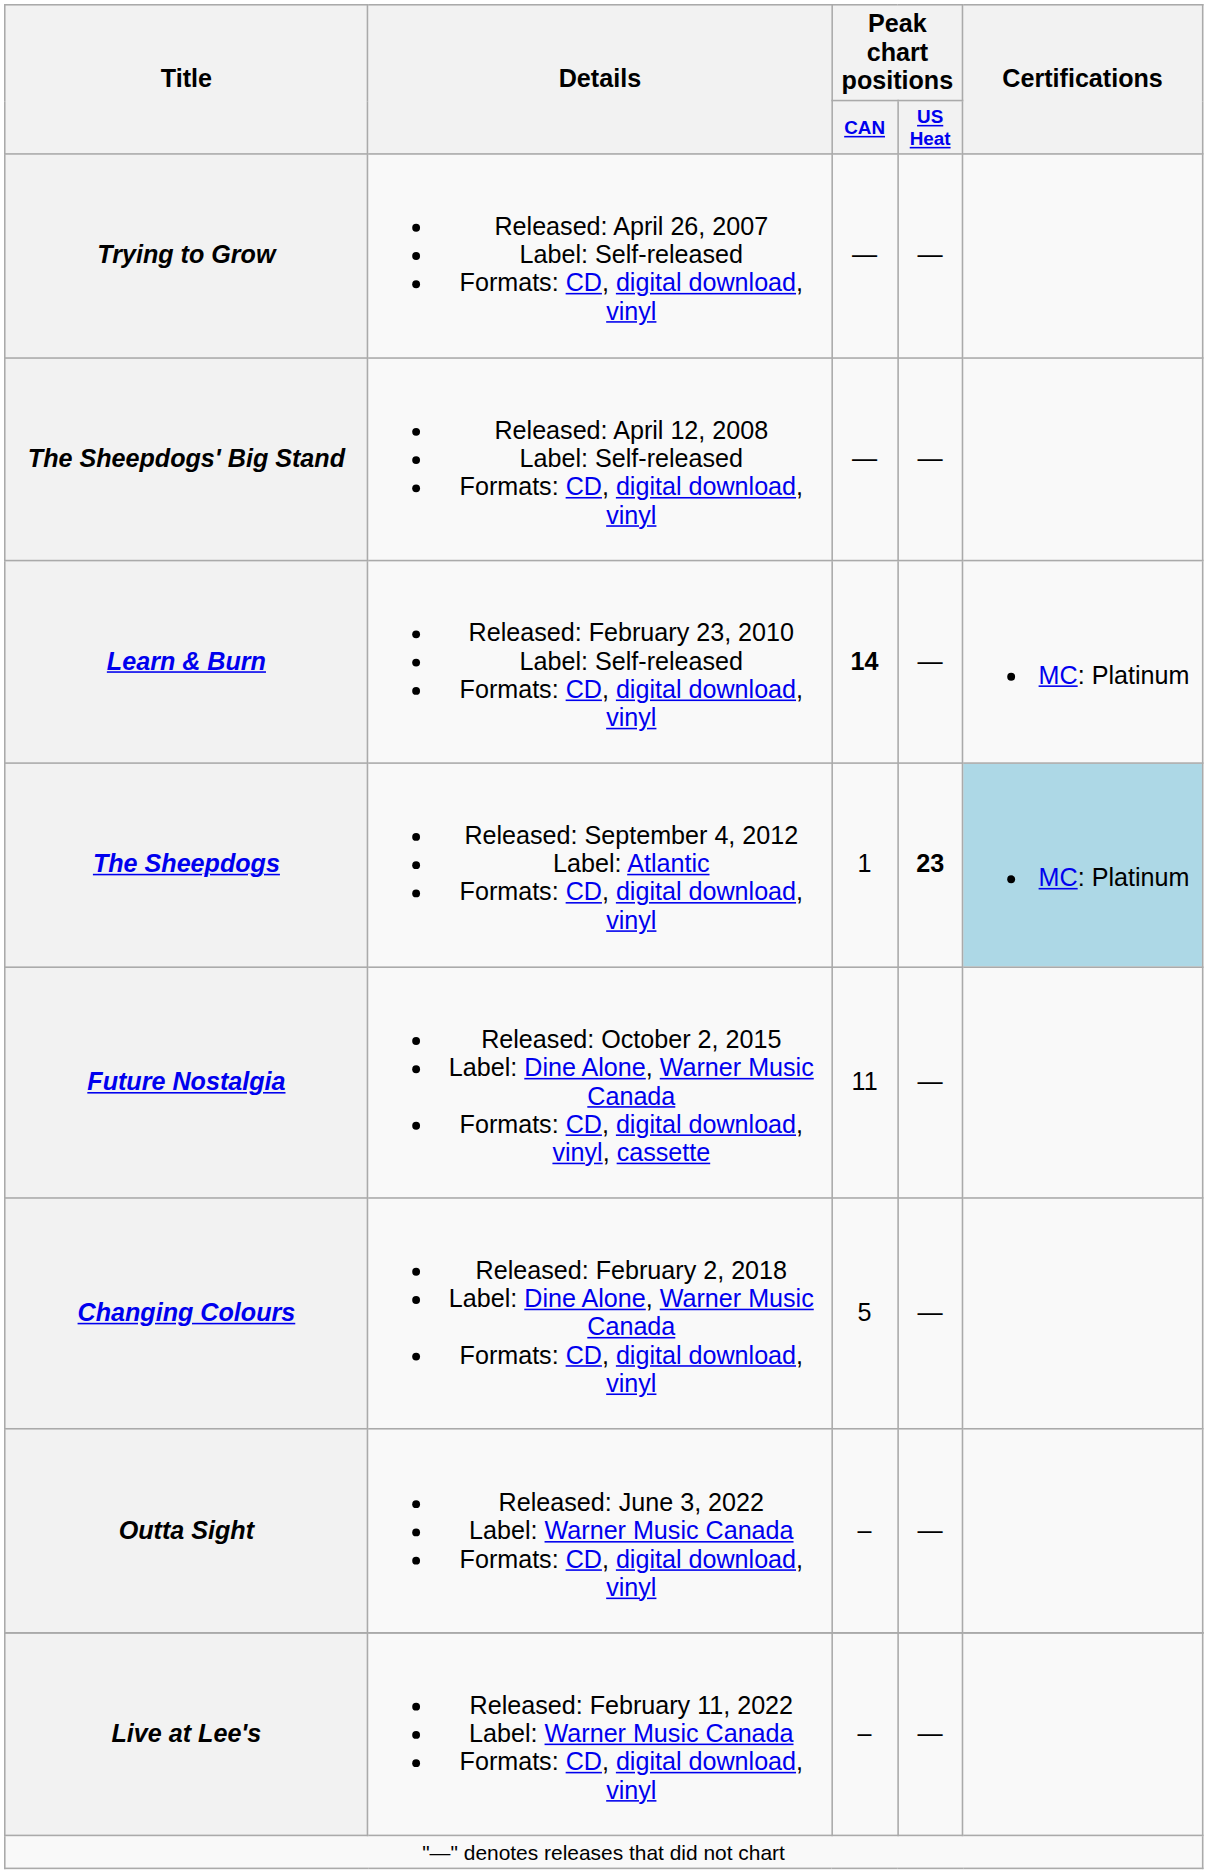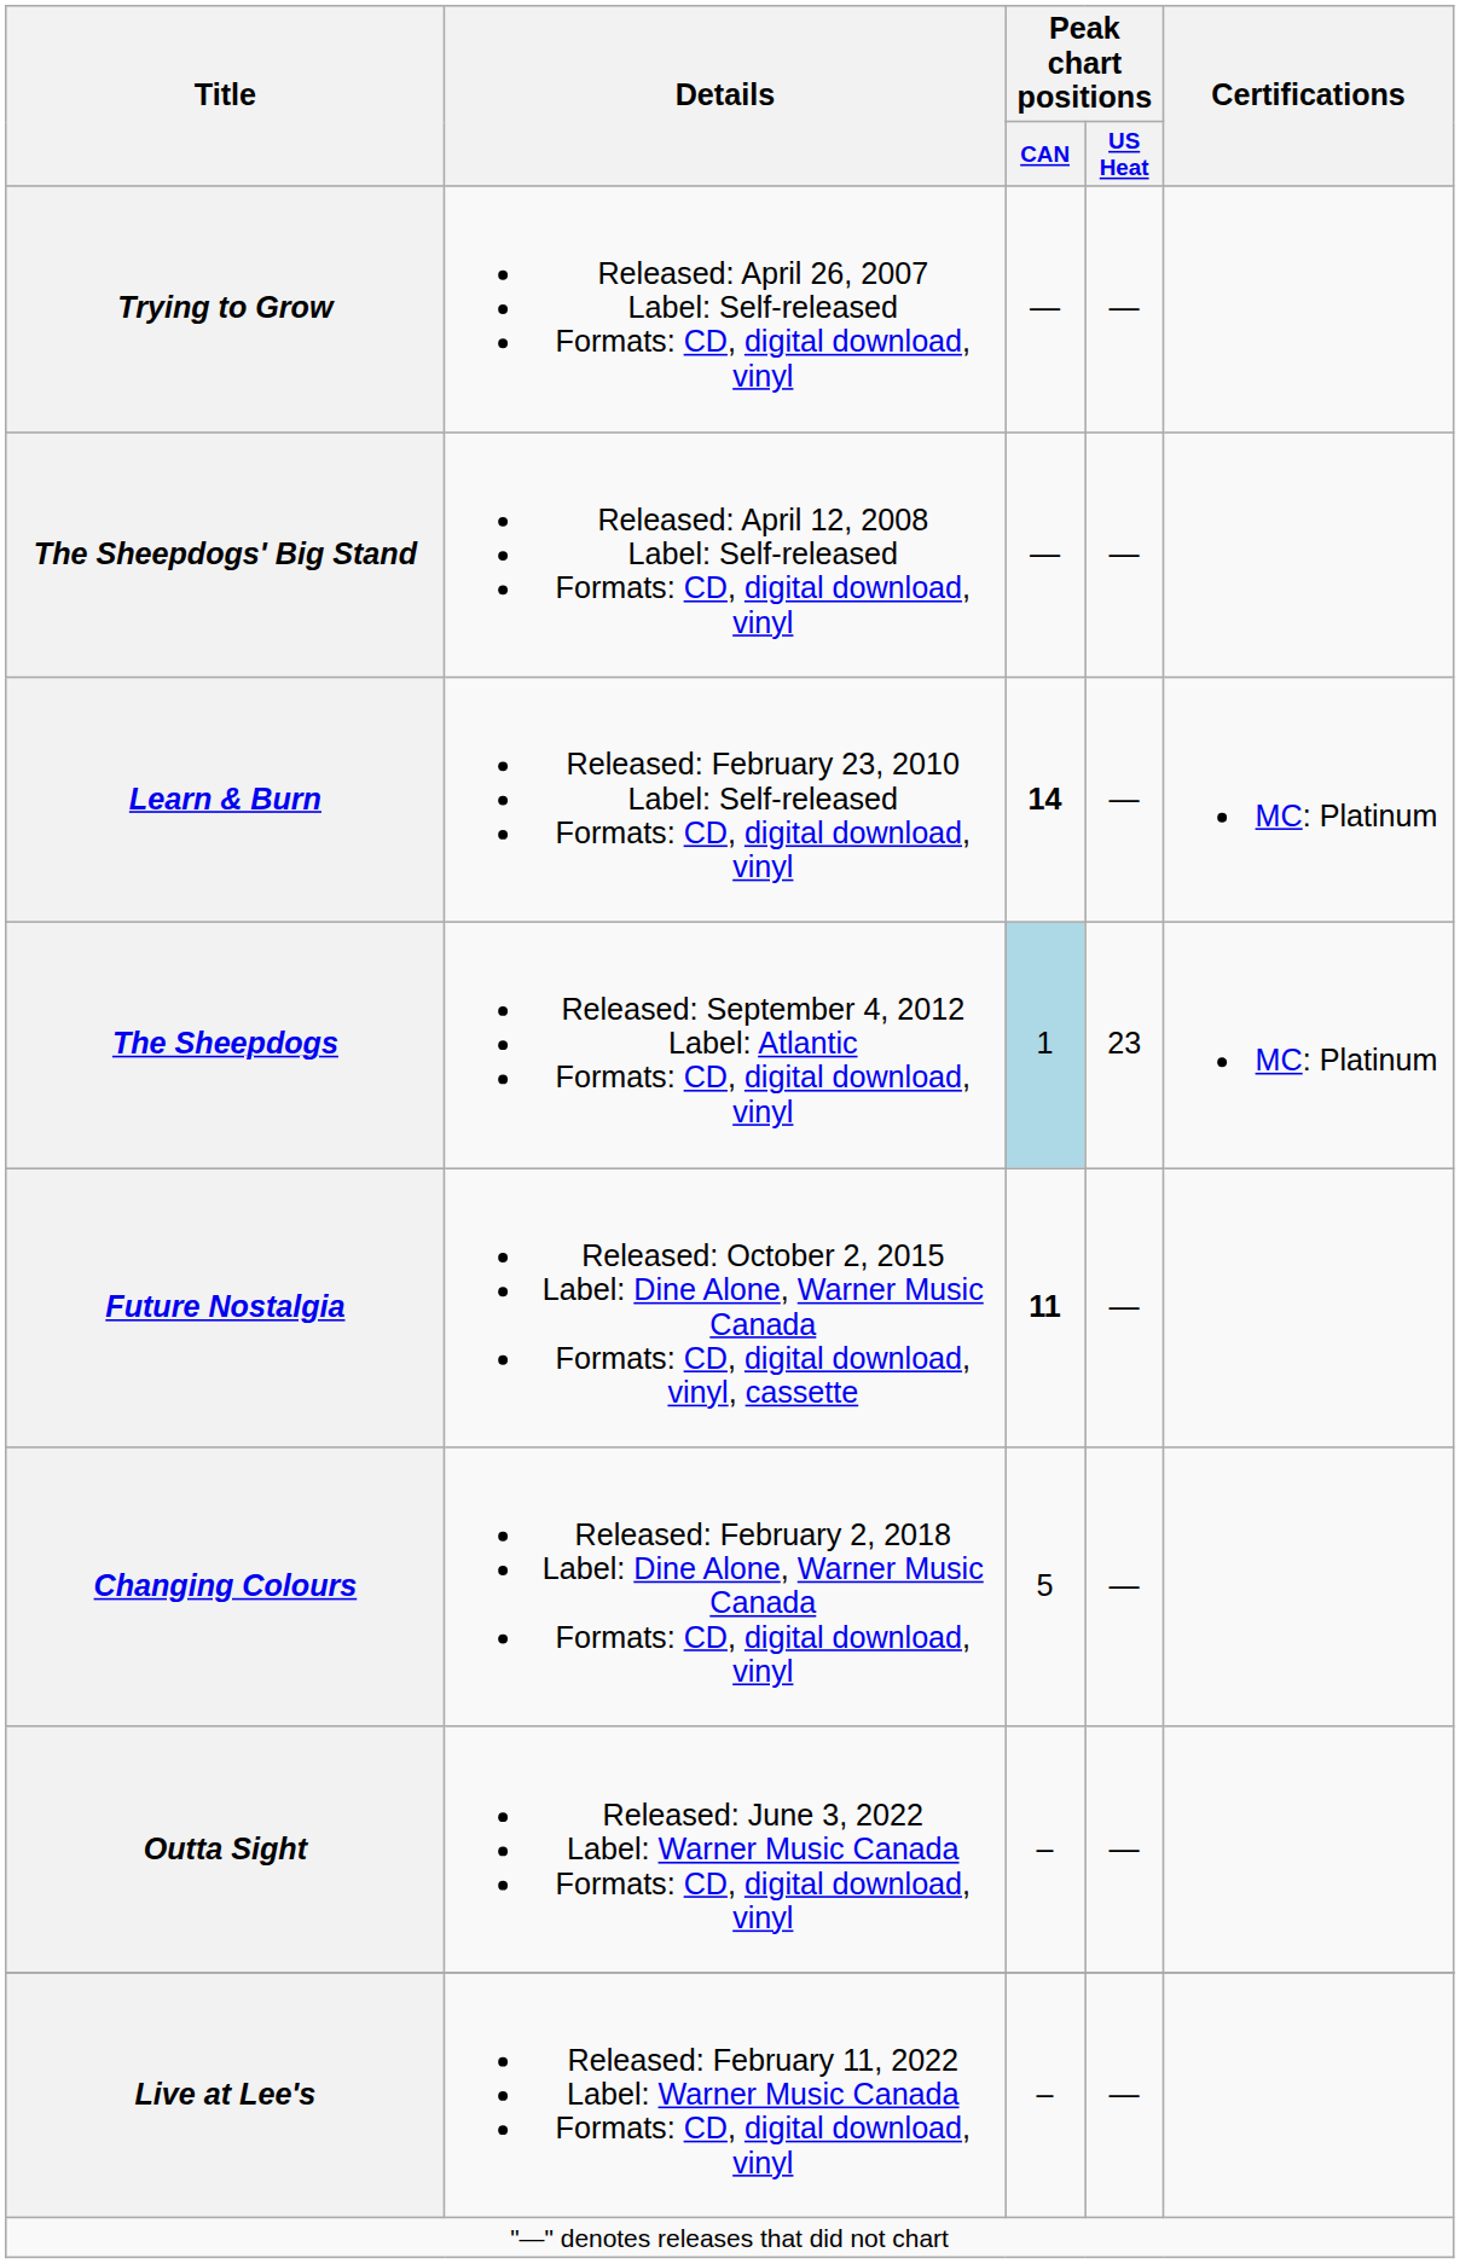 <table class="wikitable plainrowheaders" style="text-align:center;">
 <tr>
 <th rowspan="2" style="width:14em;">Title</th>
 <th rowspan="2" style="width:18em;">Details</th>
 <th scope="col" colspan="2">Peak chart positions</th>
 <th rowspan="2" style="width:145px;">Certifications</th>
 </tr>
 <tr style="font-size:smaller;">
 <th scope="col" style="width:3em;font-size:90%;"><a href='#'>CAN</a><br></th>
 <th scope="col" style="width:3em;font-size:90%;"><a href='#'>US<br>Heat</a><br></th>
 </tr>
 <tr>
 <th scope="row"><em>Trying to Grow</em></th>
 <td><br><ul><li>Released: April 26, 2007</li><li>Label: Self-released</li><li>Formats: <a href='#'>CD</a>, <a href='#'>digital download</a>, <a href='#'>vinyl</a></li></ul></td>
 <td>—</td>
 <td>—</td>
 <td></td>
 </tr>
 <tr>
 <th scope="row"><em>The Sheepdogs' Big Stand</em></th>
 <td><br><ul><li>Released: April 12, 2008</li><li>Label: Self-released</li><li>Formats: <a href='#'>CD</a>, <a href='#'>digital download</a>, <a href='#'>vinyl</a></li></ul></td>
 <td>—</td>
 <td>—</td>
 <td></td>
 </tr>
 <tr>
 <th scope="row"><em><a href='#'>Learn & Burn</a></em></th>
 <td><br><ul><li>Released: February 23, 2010</li><li>Label: Self-released</li><li>Formats: <a href='#'>CD</a>, <a href='#'>digital download</a>, <a href='#'>vinyl</a></li></ul></td>
 <td><strong>14</strong></td>
 <td>—</td>
 <td><br><ul><li><a href='#'>MC</a>: Platinum</li></ul></td>
 </tr>
 <tr>
 <th scope="row"><em><a href='#'>The Sheepdogs</a></em></th>
 <td><br><ul><li>Released: September 4, 2012</li><li>Label: <a href='#'>Atlantic</a></li><li>Formats: <a href='#'>CD</a>, <a href='#'>digital download</a>, <a href='#'>vinyl</a></li></ul></td>
-<td>1</td>
-<td><strong>23</strong></td>
-<td style="background: lightblue;"><br><ul><li><a href='#'>MC</a>: Platinum</li></ul></td>
+<td style="background: lightblue;">1</td>
+<td>23</td>
+<td><br><ul><li><a href='#'>MC</a>: Platinum</li></ul></td>
 </tr>
 <tr>
 <th scope="row"><em><a href='#'>Future Nostalgia</a></em></th>
 <td><br><ul><li>Released: October 2, 2015</li><li>Label: <a href='#'>Dine Alone</a>, <a href='#'>Warner Music Canada</a></li><li>Formats: <a href='#'>CD</a>, <a href='#'>digital download</a>, <a href='#'>vinyl</a>, <a href='#'>cassette</a></li></ul></td>
-<td>11</td>
+<td><strong>11</strong></td>
 <td>—</td>
 <td></td>
 </tr>
 <tr>
 <th scope="row"><em><a href='#'>Changing Colours</a></em></th>
 <td><br><ul><li>Released: February 2, 2018</li><li>Label: <a href='#'>Dine Alone</a>, <a href='#'>Warner Music Canada</a></li><li>Formats: <a href='#'>CD</a>, <a href='#'>digital download</a>, <a href='#'>vinyl</a></li></ul></td>
 <td>5</td>
 <td>—</td>
 <td></td>
 </tr>
 <tr>
 <th scope="row"><em>Outta Sight</em></th>
 <td><br><ul><li>Released: June 3, 2022</li><li>Label: <a href='#'>Warner Music Canada</a></li><li>Formats: <a href='#'>CD</a>, <a href='#'>digital download</a>, <a href='#'>vinyl</a></li></ul></td>
 <td>–</td>
 <td>—</td>
 <td></td>
 </tr>
 <tr>
 </tr>
 <tr>
 <th scope="row"><em>Live at Lee's</em></th>
 <td><br><ul><li>Released: February 11, 2022</li><li>Label: <a href='#'>Warner Music Canada</a></li><li>Formats: <a href='#'>CD</a>, <a href='#'>digital download</a>, <a href='#'>vinyl</a></li></ul></td>
 <td>–</td>
 <td>—</td>
 <td></td>
 </tr>
 <tr>
 <td colspan="10" style="font-size:10pt">"—" denotes releases that did not chart</td>
 </tr>
 </table>
